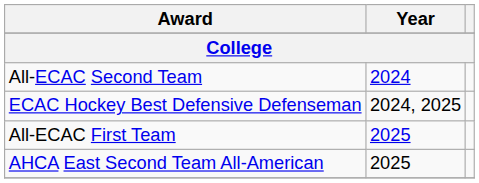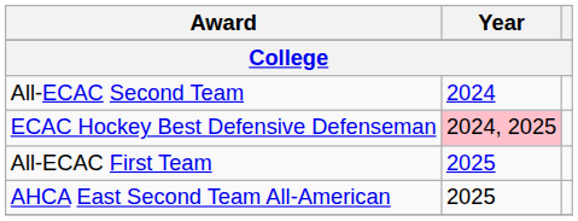 <table class="wikitable">
 <tr>
 <th>Award</th>
 <th>Year</th>
 <th></th>
 </tr>
 <tr ALIGN="center" bgcolor="#e0e0e0">
 </tr>
 <tr ALIGN="center" bgcolor="#e0e0e0">
 <th colspan="3"><a href='#'>College</a></th>
 </tr>
 <tr>
 <td>All-<a href='#'>ECAC</a> <a href='#'>Second Team</a></td>
 <td><a href='#'>2024</a></td>
 <td></td>
 </tr>
 <tr>
 <td><a href='#'>ECAC Hockey Best Defensive Defenseman</a></td>
-<td>2024, 2025</td>
+<td style="background: pink;">2024, 2025</td>
 <td></td>
 </tr>
 <tr>
 <td>All-ECAC <a href='#'>First Team</a></td>
 <td><a href='#'>2025</a></td>
 <td></td>
 </tr>
 <tr>
 <td><a href='#'>AHCA</a> <a href='#'>East Second Team All-American</a></td>
 <td>2025</td>
 <td></td>
 </tr>
 <tr>
 </tr>
 </table>
